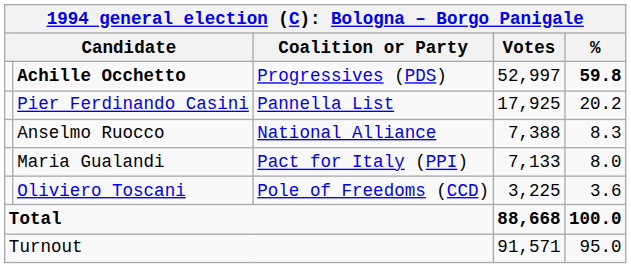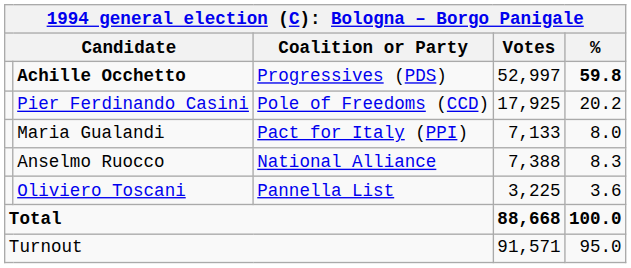 <table class=wikitable style=text-align:right>
 <tr>
 <th colspan=5><a href='#'>1994 general election</a> (<a href='#'>C</a>): <a href='#'>Bologna – Borgo Panigale</a></th>
 </tr>
 <tr>
 <th colspan=2>Candidate</th>
 <th>Coalition or Party</th>
 <th>Votes</th>
 <th>%</th>
 </tr>
 <tr>
 <td></td>
 <td align=left><strong>Achille Occhetto</strong></td>
 <td align=left><a href='#'>Progressives</a> (<a href='#'>PDS</a>)</td>
 <td>52,997</td>
 <td><strong>59.8</strong></td>
 </tr>
 <tr>
 <td></td>
 <td align=left><a href='#'>Pier Ferdinando Casini</a></td>
-<td align=left><a href='#'>Pannella List</a></td>
+<td align=left><a href='#'>Pole of Freedoms</a> (<a href='#'>CCD</a>)</td>
 <td>17,925</td>
 <td>20.2</td>
+</tr>
+<tr>
+<td></td>
+<td align=left>Maria Gualandi</td>
+<td align=left><a href='#'>Pact for Italy</a> (<a href='#'>PPI</a>)</td>
+<td>7,133</td>
+<td>8.0</td>
 </tr>
 <tr>
 <td></td>
 <td align=left>Anselmo Ruocco</td>
 <td align=left><a href='#'>National Alliance</a></td>
 <td>7,388</td>
 <td>8.3</td>
 </tr>
 <tr>
 <td></td>
-<td align=left>Maria Gualandi</td>
-<td align=left><a href='#'>Pact for Italy</a> (<a href='#'>PPI</a>)</td>
-<td>7,133</td>
-<td>8.0</td>
-</tr>
-<tr>
-<td></td>
 <td align=left><a href='#'>Oliviero Toscani</a></td>
-<td align=left><a href='#'>Pole of Freedoms</a> (<a href='#'>CCD</a>)</td>
+<td align=left><a href='#'>Pannella List</a></td>
 <td>3,225</td>
 <td>3.6</td>
 </tr>
 <tr>
 <td align=left colspan=3><strong>Total</strong></td>
 <td><strong>88,668</strong></td>
 <td><strong>100.0</strong></td>
 </tr>
 <tr>
 <td align=left colspan=3>Turnout</td>
 <td>91,571</td>
 <td>95.0</td>
 </tr>
 </table>
